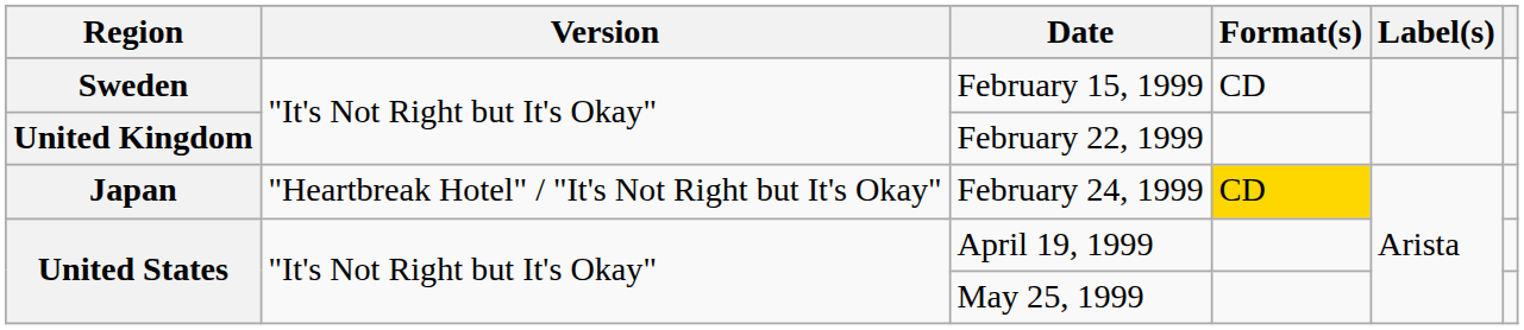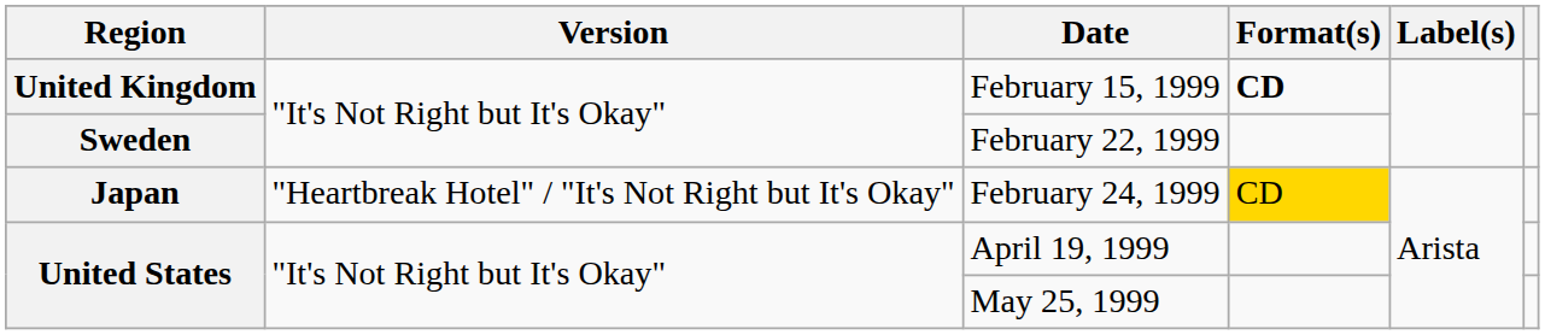 <table class="wikitable plainrowheaders">
 <tr>
 <th scope="col">Region</th>
 <th scope="col">Version</th>
 <th scope="col">Date</th>
 <th scope="col">Format(s)</th>
 <th scope="col">Label(s)</th>
 <th scope="col"></th>
 </tr>
 <tr>
-<th scope="row">Sweden</th>
+<th scope="row">United Kingdom</th>
 <td rowspan="2">"It's Not Right but It's Okay"</td>
 <td>February 15, 1999</td>
-<td>CD</td>
+<td><strong>CD</strong></td>
 <td rowspan="2"></td>
 <td align="center"></td>
 </tr>
 <tr>
-<th scope="row">United Kingdom</th>
+<th scope="row">Sweden</th>
 <td>February 22, 1999</td>
 <td></td>
 <td align="center"></td>
 </tr>
 <tr>
 <th scope="row">Japan</th>
 <td>"Heartbreak Hotel" / "It's Not Right but It's Okay"</td>
 <td>February 24, 1999</td>
 <td style="background: gold;">CD</td>
 <td rowspan="3">Arista</td>
 <td align="center"></td>
 </tr>
 <tr>
 <th scope="row" rowspan="2">United States</th>
 <td rowspan="2">"It's Not Right but It's Okay"</td>
 <td>April 19, 1999</td>
 <td></td>
 <td align="center"></td>
 </tr>
 <tr>
 <td>May 25, 1999</td>
 <td></td>
 <td align="center"></td>
 </tr>
 </table>
